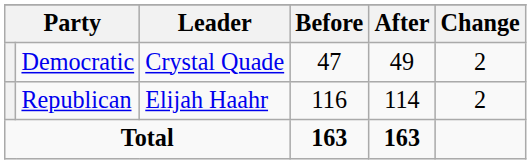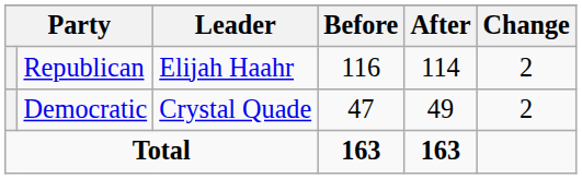 <table class="wikitable" style="text-align:center;">
 <tr>
 </tr>
 <tr>
 <th colspan=2>Party</th>
 <th>Leader</th>
 <th>Before</th>
 <th>After</th>
 <th>Change</th>
 </tr>
 <tr>
 <th style="background-color:"></th>
+<td style="text-align:left;"><a href='#'>Republican</a></td>
+<td style="text-align:left;"><a href='#'>Elijah Haahr</a></td>
+<td>116</td>
+<td>114</td>
+<td> 2</td>
+</tr>
+<tr>
+<th style="background-color:"></th>
 <td style="text-align:left;"><a href='#'>Democratic</a></td>
 <td style="text-align:left;"><a href='#'>Crystal Quade</a></td>
 <td>47</td>
 <td>49</td>
-<td> 2</td>
-</tr>
-<tr>
-<th style="background-color:"></th>
-<td style="text-align:left;"><a href='#'>Republican</a></td>
-<td style="text-align:left;"><a href='#'>Elijah Haahr</a></td>
-<td>116</td>
-<td>114</td>
 <td> 2</td>
 </tr>
 <tr>
 <td colspan=3><strong>Total</strong></td>
 <td><strong>163</strong></td>
 <td><strong>163</strong></td>
 <td></td>
 </tr>
 </table>
